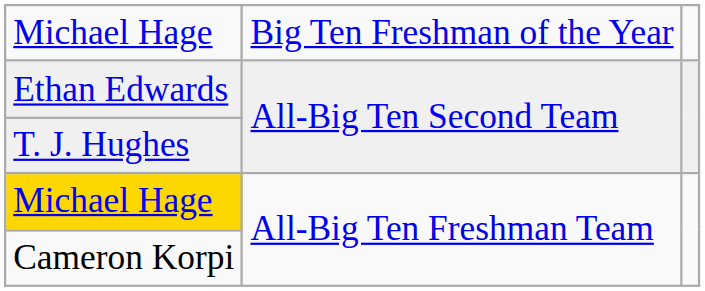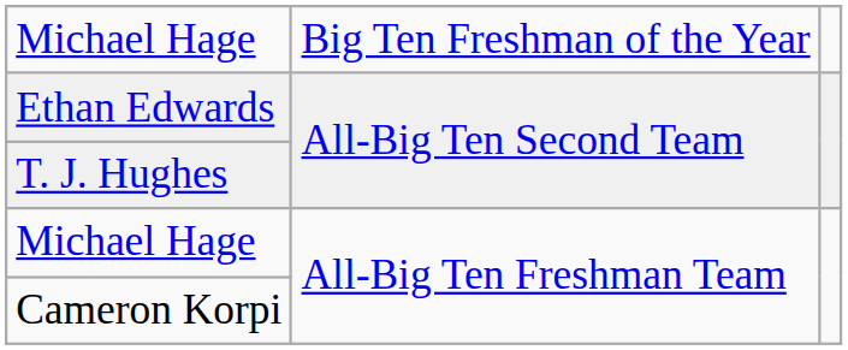 <table class="wikitable">
 <tr>
 <td><a href='#'>Michael Hage</a></td>
 <td><a href='#'>Big Ten Freshman of the Year</a></td>
 <td></td>
 </tr>
 <tr bgcolor=f0f0f0>
 <td><a href='#'>Ethan Edwards</a></td>
 <td rowspan=2><a href='#'>All-Big Ten Second Team</a></td>
 <td rowspan=2></td>
 </tr>
 <tr bgcolor=f0f0f0>
 <td><a href='#'>T. J. Hughes</a></td>
 </tr>
 <tr>
-<td style="background: gold;"><a href='#'>Michael Hage</a></td>
+<td><a href='#'>Michael Hage</a></td>
 <td rowspan=2><a href='#'>All-Big Ten Freshman Team</a></td>
 <td rowspan=2></td>
 </tr>
 <tr>
 <td>Cameron Korpi</td>
 </tr>
 </table>
